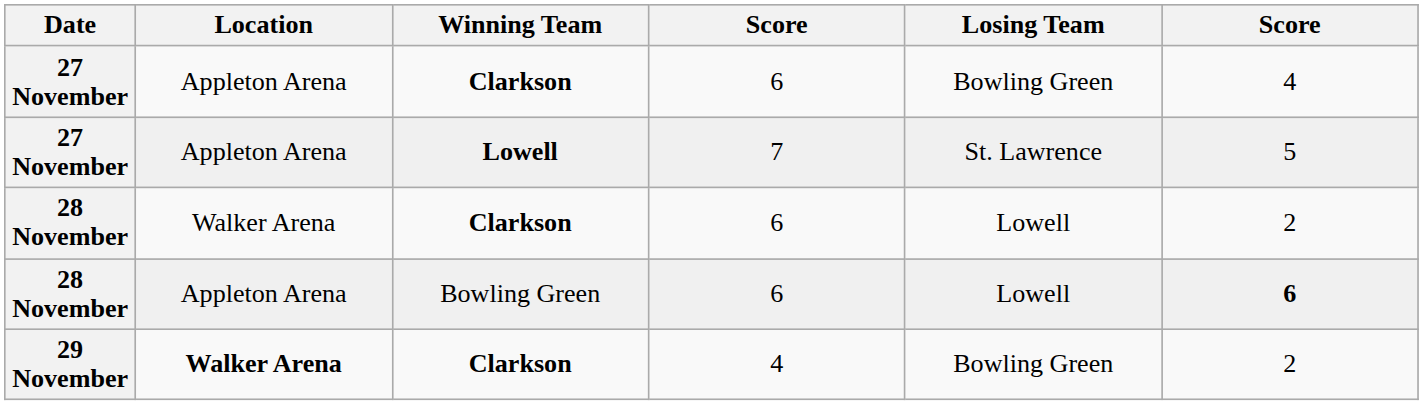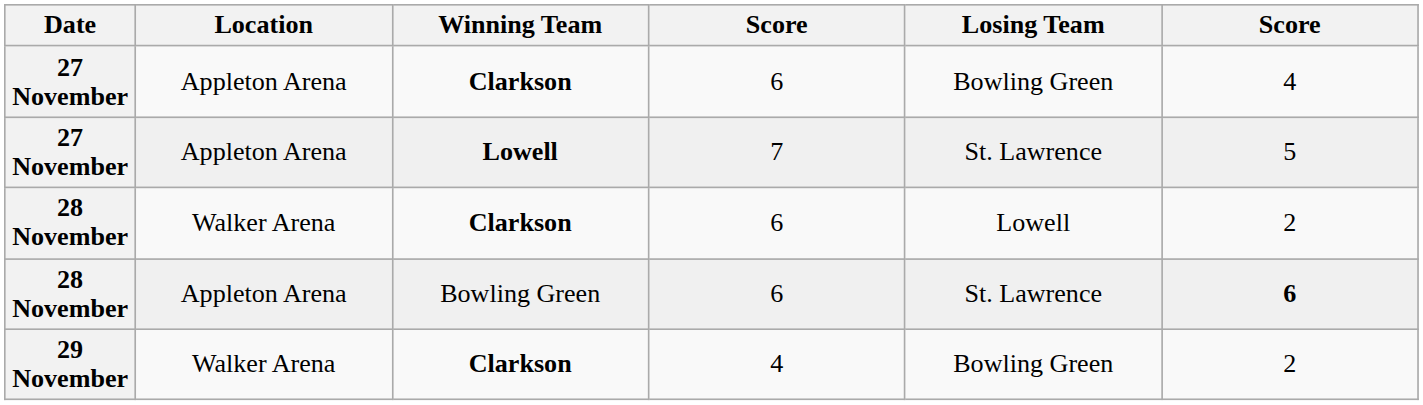 <table class="wikitable" style="text-align:center" cellpadding=2 cellspacing=2>
 <tr>
 <th>Date</th>
 <th scope="col" width="150">Location</th>
 <th scope="col" width="150">Winning Team</th>
 <th scope="col" width="150">Score</th>
 <th scope="col" width="150">Losing Team</th>
 <th scope="col" width="150">Score</th>
 </tr>
 <tr>
 <th>27 November</th>
 <td>Appleton Arena</td>
 <td><strong>Clarkson</strong></td>
 <td>6</td>
 <td>Bowling Green</td>
 <td>4</td>
 </tr>
 <tr bgcolor=f0f0f0>
 <th>27 November</th>
 <td>Appleton Arena</td>
 <td><strong>Lowell</strong></td>
 <td>7</td>
 <td>St. Lawrence</td>
 <td>5</td>
 </tr>
 <tr>
 <th>28 November</th>
 <td>Walker Arena</td>
 <td><strong>Clarkson</strong></td>
 <td>6</td>
 <td>Lowell</td>
 <td>2</td>
 </tr>
 <tr bgcolor=f0f0f0>
 <th>28 November</th>
 <td>Appleton Arena</td>
 <td>Bowling Green</td>
 <td>6</td>
-<td>Lowell</td>
+<td>St. Lawrence</td>
 <td><strong>6</strong></td>
 </tr>
 <tr>
 <th>29 November</th>
-<td><strong>Walker Arena</strong></td>
+<td>Walker Arena</td>
 <td><strong>Clarkson</strong></td>
 <td>4</td>
 <td>Bowling Green</td>
 <td>2</td>
 </tr>
 </table>
